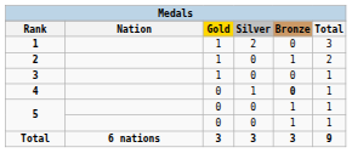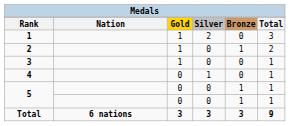 <table class=wikitable style=text-align:center>
 <tr>
 <td colspan=6 style="background:#BCD4E6"><strong>Medals</strong></td>
 </tr>
 <tr>
 </tr>
 <tr style="background-color:#EDEDED;">
 <th width=75px class="hintergrundfarbe5">Rank</th>
 <th width=180px class="hintergrundfarbe6">Nation</th>
 <th width=35px style="background:gold">Gold</th>
 <th width=35px style="background:silver">Silver</th>
 <th width=35px style="background:#CC9966">Bronze</th>
 <th width=35px>Total</th>
 </tr>
 <tr>
 <td><strong>1</strong></td>
 <td align=left></td>
 <td>1</td>
 <td>2</td>
 <td>0</td>
 <td>3</td>
 </tr>
 <tr>
 <td><strong>2</strong></td>
 <td align=left></td>
 <td>1</td>
 <td>0</td>
 <td>1</td>
 <td>2</td>
 </tr>
 <tr>
 <td><strong>3</strong></td>
 <td align=left></td>
 <td>1</td>
 <td>0</td>
 <td>0</td>
 <td>1</td>
 </tr>
 <tr>
 <td><strong>4</strong></td>
 <td align=left></td>
 <td>0</td>
 <td>1</td>
-<td><strong>0</strong></td>
+<td>0</td>
 <td>1</td>
 </tr>
 <tr>
 <td rowspan="2"><strong>5</strong></td>
 <td align=left></td>
 <td>0</td>
 <td>0</td>
 <td>1</td>
 <td>1</td>
 </tr>
 <tr>
 <td align="left"></td>
 <td>0</td>
 <td>0</td>
 <td>1</td>
 <td>1</td>
 </tr>
 <tr>
 <td><strong>Total</strong></td>
 <td><strong>6 nations</strong></td>
 <td><strong>3</strong></td>
 <td><strong>3</strong></td>
 <td><strong>3</strong></td>
 <td><strong>9</strong></td>
 </tr>
 </table>
